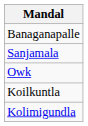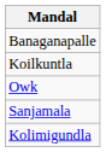 <table class="wikitable sortable static-row-numbers static-row-header-hash">
 <tr>
 <th>Mandal</th>
 </tr>
 <tr>
 <td>Banaganapalle</td>
 </tr>
 <tr>
-<td><a href='#'>Sanjamala</a></td>
+<td>Koilkuntla</td>
 </tr>
 <tr>
 <td><a href='#'>Owk</a></td>
 </tr>
 <tr>
-<td>Koilkuntla</td>
+<td><a href='#'>Sanjamala</a></td>
 </tr>
 <tr>
 <td><a href='#'>Kolimigundla</a></td>
 </tr>
 </table>
